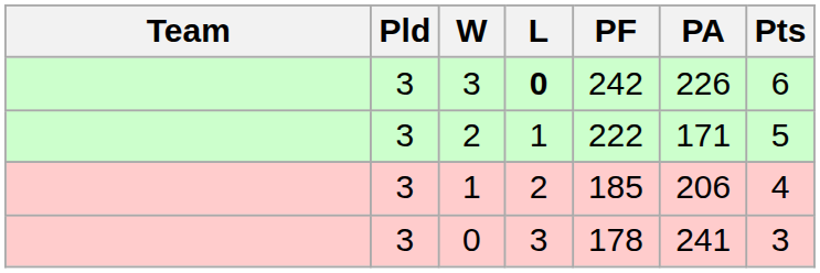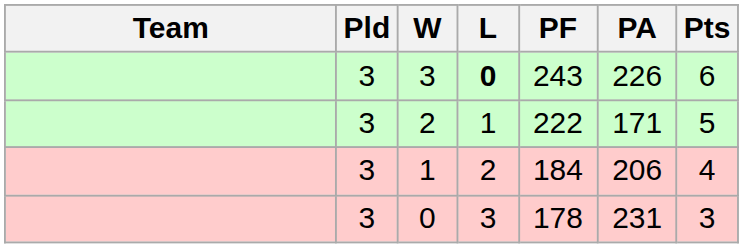 <table class="wikitable" style="text-align:center;">
 <tr>
 <th width=170>Team</th>
 <th width=25>Pld</th>
 <th width=25>W</th>
 <th width=25>L</th>
 <th width=35>PF</th>
 <th width=35>PA</th>
 <th width=25>Pts</th>
 </tr>
 <tr bgcolor=#ccffcc>
 <td align="left"></td>
 <td>3</td>
 <td>3</td>
 <td><strong>0</strong></td>
-<td>242</td>
+<td>243</td>
 <td>226</td>
 <td>6</td>
 </tr>
 <tr bgcolor=#ccffcc>
 <td align="left"></td>
 <td>3</td>
 <td>2</td>
 <td>1</td>
 <td>222</td>
 <td>171</td>
 <td>5</td>
 </tr>
 <tr bgcolor=#ffcccc>
 <td align="left"></td>
 <td>3</td>
 <td>1</td>
 <td>2</td>
-<td>185</td>
+<td>184</td>
 <td>206</td>
 <td>4</td>
 </tr>
 <tr bgcolor=#ffcccc>
 <td align="left"></td>
 <td>3</td>
 <td>0</td>
 <td>3</td>
 <td>178</td>
-<td>241</td>
+<td>231</td>
 <td>3</td>
 </tr>
 </table>
